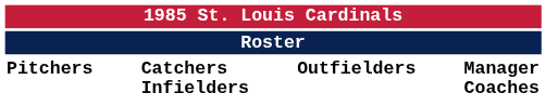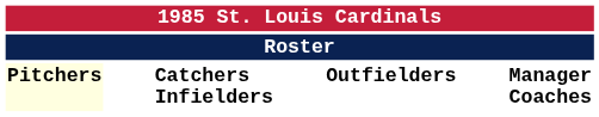 <table class="toccolours" style="font-size: 95%;">
 <tr>
 <th colspan="10" style="background-color: #c41e3a; color: #FFFFFF; text-align: center;">1985 St. Louis Cardinals</th>
 </tr>
 <tr>
 <td colspan="10" style="background-color: #0a2252; color: #FFFFFF; text-align: center;"><strong>Roster</strong></td>
 </tr>
 <tr>
-<td valign="top"><strong>Pitchers</strong><br>               </td>
+<td valign="top" style="background: lightyellow;"><strong>Pitchers</strong><br>               </td>
 <td width="25px"></td>
 <td valign="top"><strong>Catchers</strong><br>    <strong>Infielders</strong>         </td>
 <td width="25px"></td>
 <td valign="top"><strong>Outfielders</strong><br>       </td>
 <td width="25px"></td>
 <td valign="top"><strong>Manager</strong><br> <strong>Coaches</strong>     </td>
 </tr>
 </table>
